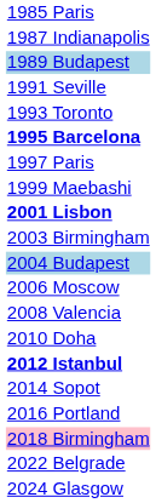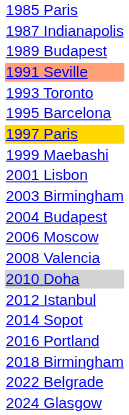 <table>
 <tr>
 <td><a href='#'>1985 Paris</a><br></td>
 <td></td>
 <td></td>
 <td></td>
 </tr>
 <tr>
 <td><a href='#'>1987 Indianapolis</a><br></td>
 <td></td>
 <td></td>
 <td></td>
 </tr>
 <tr>
-<td style="background: lightblue;"><a href='#'>1989 Budapest</a><br></td>
+<td><a href='#'>1989 Budapest</a><br></td>
 <td></td>
 <td></td>
 <td></td>
 </tr>
 <tr>
-<td><a href='#'>1991 Seville</a><br></td>
+<td style="background: lightsalmon;"><a href='#'>1991 Seville</a><br></td>
 <td></td>
 <td></td>
 <td></td>
 </tr>
 <tr>
 <td><a href='#'>1993 Toronto</a><br></td>
 <td></td>
 <td></td>
 <td></td>
 </tr>
 <tr>
-<td><strong><a href='#'>1995 Barcelona</a><br></strong></td>
+<td><a href='#'>1995 Barcelona</a><br></td>
 <td></td>
 <td></td>
 <td></td>
 </tr>
 <tr>
-<td><a href='#'>1997 Paris</a><br></td>
+<td style="background: gold;"><a href='#'>1997 Paris</a><br></td>
 <td></td>
 <td></td>
 <td></td>
 </tr>
 <tr>
 <td><a href='#'>1999 Maebashi</a><br></td>
 <td></td>
 <td></td>
 <td></td>
 </tr>
 <tr>
-<td><strong><a href='#'>2001 Lisbon</a><br></strong></td>
+<td><a href='#'>2001 Lisbon</a><br></td>
 <td></td>
 <td></td>
 <td></td>
 </tr>
 <tr>
 <td><a href='#'>2003 Birmingham</a><br></td>
 <td></td>
 <td></td>
 <td></td>
 </tr>
 <tr>
-<td style="background: lightblue;"><a href='#'>2004 Budapest</a><br></td>
+<td><a href='#'>2004 Budapest</a><br></td>
 <td></td>
 <td></td>
 <td></td>
 </tr>
 <tr>
 <td><a href='#'>2006 Moscow</a><br></td>
 <td></td>
 <td></td>
 <td></td>
 </tr>
 <tr>
 <td><a href='#'>2008 Valencia</a><br></td>
 <td></td>
 <td></td>
 <td></td>
 </tr>
 <tr>
-<td><a href='#'>2010 Doha</a><br></td>
+<td style="background: lightgrey;"><a href='#'>2010 Doha</a><br></td>
 <td></td>
 <td></td>
 <td></td>
 </tr>
 <tr>
-<td><strong><a href='#'>2012 Istanbul</a><br></strong></td>
+<td><a href='#'>2012 Istanbul</a><br></td>
 <td></td>
 <td></td>
 <td></td>
 </tr>
 <tr>
 <td><a href='#'>2014 Sopot</a><br></td>
 <td></td>
 <td></td>
 <td></td>
 </tr>
 <tr>
 <td><a href='#'>2016 Portland</a><br></td>
 <td></td>
 <td></td>
 <td></td>
 </tr>
 <tr>
-<td style="background: pink;"><a href='#'>2018 Birmingham</a><br></td>
+<td><a href='#'>2018 Birmingham</a><br></td>
 <td></td>
 <td></td>
 <td></td>
 </tr>
 <tr>
 <td><a href='#'>2022 Belgrade</a><br></td>
 <td></td>
 <td></td>
 <td></td>
 </tr>
 <tr>
 <td><a href='#'>2024 Glasgow</a><br></td>
 <td></td>
 <td></td>
 <td></td>
 </tr>
 </table>
